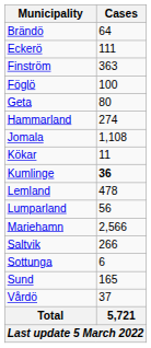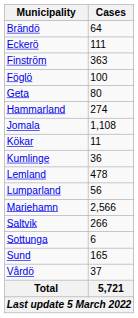 <table class="wikitable sortable">
 <tr>
 <th>Municipality</th>
 <th>Cases</th>
 </tr>
 <tr>
 <td><a href='#'>Brändö</a></td>
 <td>64</td>
 </tr>
 <tr>
 <td><a href='#'>Eckerö</a></td>
 <td>111</td>
 </tr>
 <tr>
 <td><a href='#'>Finström</a></td>
 <td>363</td>
 </tr>
 <tr>
 <td><a href='#'>Föglö</a></td>
 <td>100</td>
 </tr>
 <tr>
 <td><a href='#'>Geta</a></td>
 <td>80</td>
 </tr>
 <tr>
 <td><a href='#'>Hammarland</a></td>
 <td>274</td>
 </tr>
 <tr>
 <td><a href='#'>Jomala</a></td>
 <td>1,108</td>
 </tr>
 <tr>
 <td><a href='#'>Kökar</a></td>
 <td>11</td>
 </tr>
 <tr>
 <td><a href='#'>Kumlinge</a></td>
-<td><strong>36</strong></td>
+<td>36</td>
 </tr>
 <tr>
 <td><a href='#'>Lemland</a></td>
 <td>478</td>
 </tr>
 <tr>
 <td><a href='#'>Lumparland</a></td>
 <td>56</td>
 </tr>
 <tr>
 <td><a href='#'>Mariehamn</a></td>
 <td>2,566</td>
 </tr>
 <tr>
 <td><a href='#'>Saltvik</a></td>
 <td>266</td>
 </tr>
 <tr>
 <td><a href='#'>Sottunga</a></td>
 <td>6</td>
 </tr>
 <tr>
 <td><a href='#'>Sund</a></td>
 <td>165</td>
 </tr>
 <tr>
 <td><a href='#'>Vårdö</a></td>
 <td>37</td>
 </tr>
 <tr>
 <th>Total</th>
 <th>5,721</th>
 </tr>
 <tr>
 <th colspan="2"><em>Last update 5 March 2022</em></th>
 </tr>
 </table>
